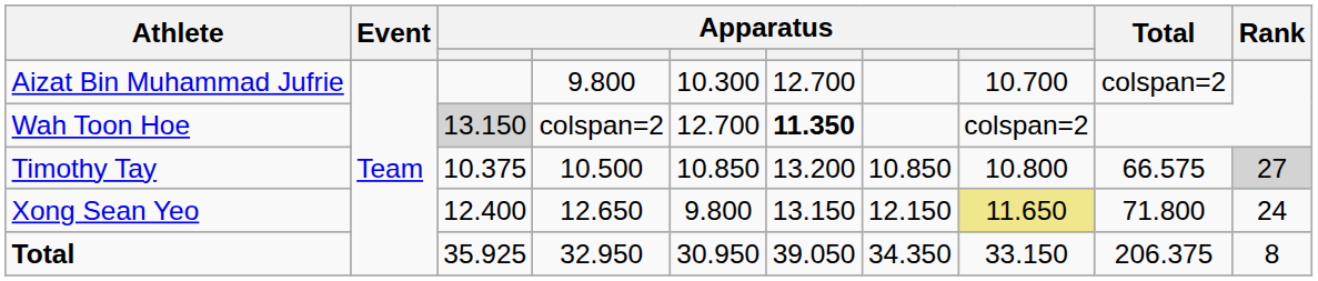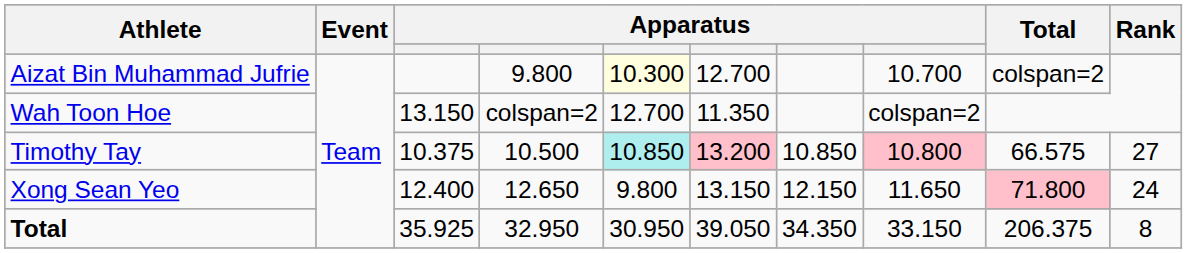 <table class="wikitable" style="font-size:90%">
 <tr>
 <th rowspan=2>Athlete</th>
 <th rowspan=2>Event</th>
 <th colspan=6>Apparatus</th>
 <th rowspan=2>Total</th>
 <th rowspan=2>Rank</th>
 </tr>
 <tr style="font-size:95%">
 <th></th>
 <th></th>
 <th></th>
 <th></th>
 <th></th>
 <th></th>
 </tr>
 <tr align=center>
 <td align=left><a href='#'>Aizat Bin Muhammad Jufrie</a></td>
 <td align=left rowspan=5><a href='#'>Team</a></td>
 <td></td>
 <td>9.800</td>
-<td>10.300</td>
+<td style="background: lightyellow;">10.300</td>
 <td>12.700</td>
 <td></td>
 <td>10.700</td>
 <td>colspan=2 </td>
 </tr>
 <tr align=center>
 <td align=left><a href='#'>Wah Toon Hoe</a></td>
-<td style="background: lightgrey;">13.150</td>
+<td>13.150</td>
 <td>colspan=2 </td>
 <td>12.700</td>
-<td><strong>11.350</strong></td>
+<td>11.350</td>
 <td></td>
 <td>colspan=2 </td>
 </tr>
 <tr align=center>
 <td align=left><a href='#'>Timothy Tay</a></td>
 <td>10.375</td>
 <td>10.500</td>
+<td style="background: paleturquoise;">10.850</td>
+<td style="background: pink;">13.200</td>
 <td>10.850</td>
-<td>13.200</td>
-<td>10.850</td>
-<td>10.800</td>
+<td style="background: pink;">10.800</td>
 <td>66.575</td>
-<td style="background: lightgrey;">27</td>
+<td>27</td>
 </tr>
 <tr align=center>
 <td align=left><a href='#'>Xong Sean Yeo</a></td>
 <td>12.400</td>
 <td>12.650</td>
 <td>9.800</td>
 <td>13.150</td>
 <td>12.150</td>
-<td style="background: khaki;">11.650</td>
-<td>71.800</td>
+<td>11.650</td>
+<td style="background: pink;">71.800</td>
 <td>24</td>
 </tr>
 <tr align=center>
 <td align=left><strong>Total</strong></td>
 <td>35.925</td>
 <td>32.950</td>
 <td>30.950</td>
 <td>39.050</td>
 <td>34.350</td>
 <td>33.150</td>
 <td>206.375</td>
 <td>8</td>
 </tr>
 </table>
